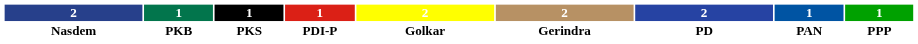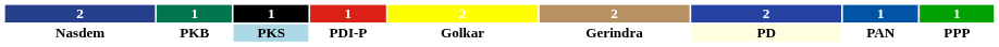 <table style="width:88%; text-align:center;">
 <tr style="color:white;">
 <td style="background:#27408B; width:15.4%;"><strong>2</strong></td>
 <td style="background:#02754C; width:7.7%;"><strong>1</strong></td>
 <td style="background:#000000; width:7.7%;"><strong>1</strong></td>
 <td style="background:#DB2016; width:7.7%;"><strong>1</strong></td>
 <td style="background:#FFFF00; width:15.4%;"><strong>2</strong></td>
 <td style="background:#B79164; width:15.4%;"><strong>2</strong></td>
 <td style="background:#2643A3; width:15.4%;"><strong>2</strong></td>
 <td style="background:#0054A3; width:7.7%;"><strong>1</strong></td>
 <td style="background:#00A100; width:7.7%;"><strong>1</strong></td>
 </tr>
 <tr>
 <td><span><strong>Nasdem</strong></span></td>
 <td><span><strong>PKB</strong></span></td>
-<td><span><strong>PKS</strong></span></td>
+<td style="background: lightblue;"><span><strong>PKS</strong></span></td>
 <td><span><strong>PDI-P</strong></span></td>
 <td><span><strong>Golkar</strong></span></td>
 <td><span><strong>Gerindra</strong></span></td>
-<td><span><strong>PD</strong></span></td>
+<td style="background: lightyellow;"><span><strong>PD</strong></span></td>
 <td><span><strong>PAN</strong></span></td>
 <td><span><strong>PPP</strong></span></td>
 </tr>
 </table>
